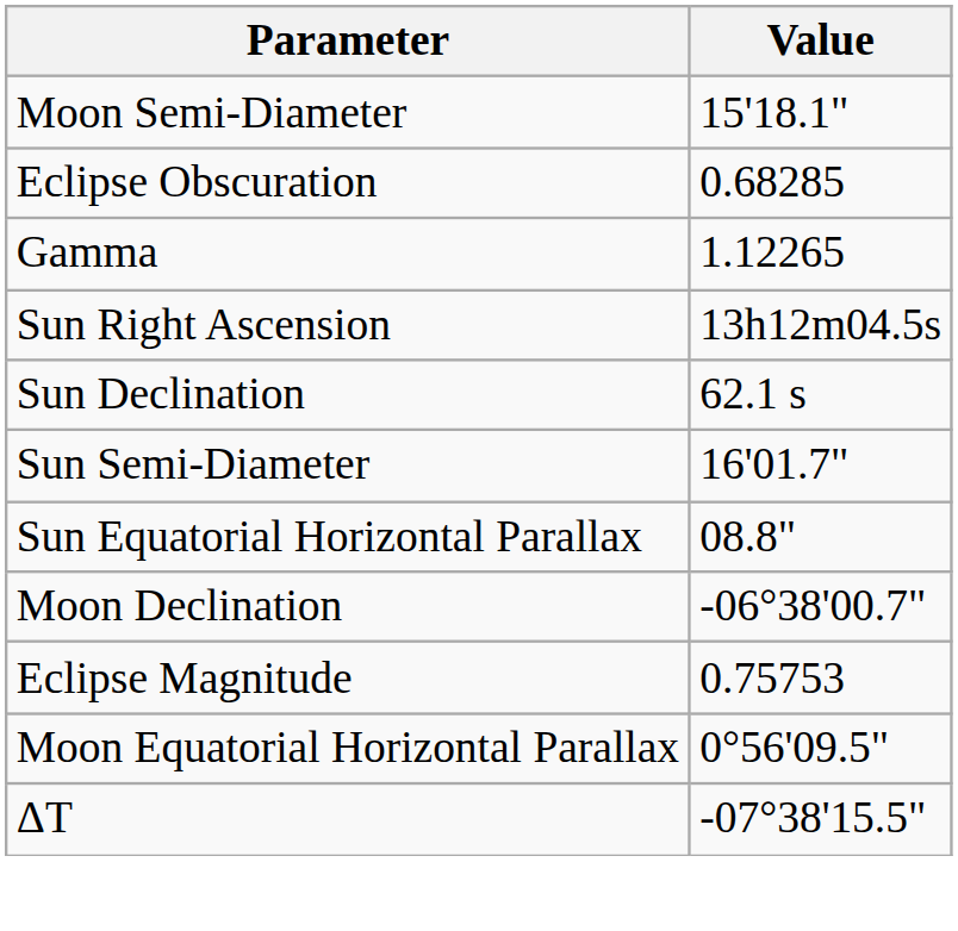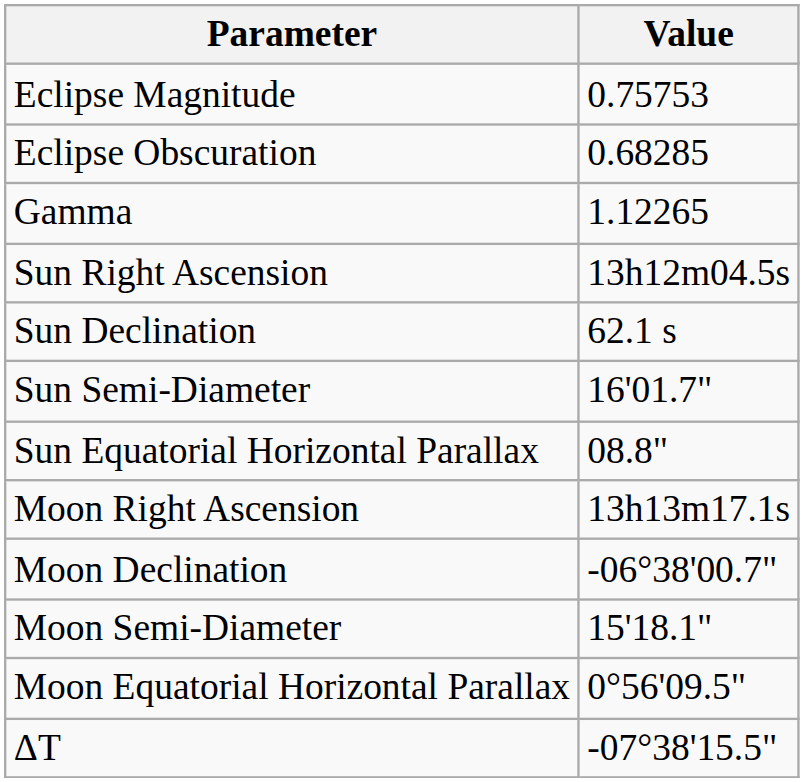 <table class="wikitable">
 <tr>
 <th>Parameter</th>
 <th>Value</th>
 </tr>
 <tr>
-<td>Moon Semi-Diameter</td>
-<td>15'18.1"</td>
+<td>Eclipse Magnitude</td>
+<td>0.75753</td>
 </tr>
 <tr>
 <td>Eclipse Obscuration</td>
 <td>0.68285</td>
 </tr>
 <tr>
 <td>Gamma</td>
 <td>1.12265</td>
 </tr>
 <tr>
 <td>Sun Right Ascension</td>
 <td>13h12m04.5s</td>
 </tr>
 <tr>
 <td>Sun Declination</td>
 <td>62.1 s</td>
 </tr>
 <tr>
 <td>Sun Semi-Diameter</td>
 <td>16'01.7"</td>
 </tr>
 <tr>
 <td>Sun Equatorial Horizontal Parallax</td>
 <td>08.8"</td>
 </tr>
 <tr>
+<td>Moon Right Ascension</td>
+<td>13h13m17.1s</td>
+</tr>
+<tr>
 <td>Moon Declination</td>
 <td>-06°38'00.7"</td>
 </tr>
 <tr>
-<td>Eclipse Magnitude</td>
-<td>0.75753</td>
+<td>Moon Semi-Diameter</td>
+<td>15'18.1"</td>
 </tr>
 <tr>
 <td>Moon Equatorial Horizontal Parallax</td>
 <td>0°56'09.5"</td>
 </tr>
 <tr>
 <td>ΔT</td>
 <td>-07°38'15.5"</td>
 </tr>
 </table>
